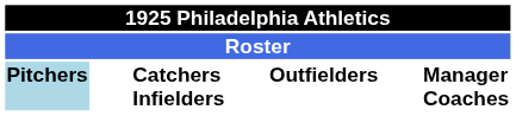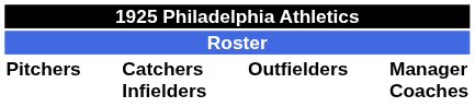 <table class="toccolours" style="font-size: 95%;">
 <tr>
 <th colspan="10" style="background-color: black; color: white; text-align: center;">1925 Philadelphia Athletics</th>
 </tr>
 <tr>
 <td colspan="10" style="background-color: #4169e1; color: white; text-align: center;"><strong>Roster</strong></td>
 </tr>
 <tr>
-<td valign="top" style="background: lightblue;"><strong>Pitchers</strong><br>           </td>
+<td valign="top"><strong>Pitchers</strong><br>           </td>
 <td width="25px"></td>
 <td valign="top"><strong>Catchers</strong><br>    <strong>Infielders</strong>           </td>
 <td width="25px"></td>
 <td valign="top"><strong>Outfielders</strong><br>     </td>
 <td width="25px"></td>
 <td valign="top"><strong>Manager</strong><br> <strong>Coaches</strong> </td>
 </tr>
 </table>
